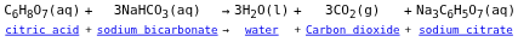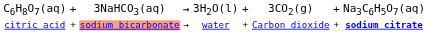 <table style="margin-left: 2.5em; text-align: center".>
 <tr>
 <td>C<sub>6</sub>H<sub>8</sub>O<sub>7</sub>(aq)</td>
 <td>+</td>
 <td>3NaHCO<sub>3</sub>(aq)</td>
 <td>→</td>
 <td>3H<sub>2</sub>O(l)</td>
 <td>+</td>
 <td>3CO<sub>2</sub>(g)</td>
 <td>+</td>
 <td>Na<sub>3</sub>C<sub>6</sub>H<sub>5</sub>O<sub>7</sub>(aq)</td>
 </tr>
 <tr style="font-size: smaller; line-height: 1em">
 <td><a href='#'>citric acid</a></td>
 <td>+</td>
-<td><a href='#'>sodium bicarbonate</a></td>
+<td style="background: lightsalmon;"><a href='#'>sodium bicarbonate</a></td>
 <td>→</td>
 <td><a href='#'>water</a></td>
 <td>+</td>
 <td><a href='#'>Carbon dioxide</a></td>
 <td>+</td>
-<td><a href='#'>sodium citrate</a></td>
+<td><strong><a href='#'>sodium citrate</a></strong></td>
 </tr>
 </table>
